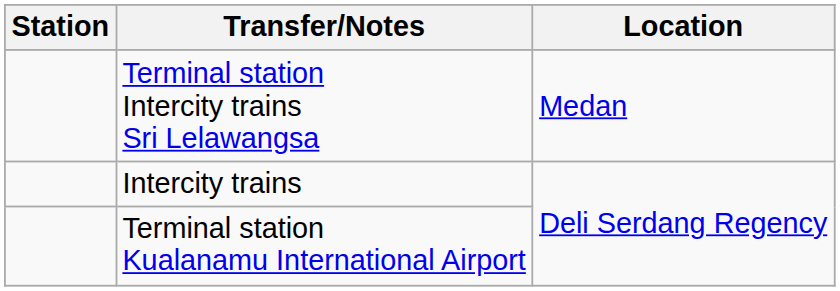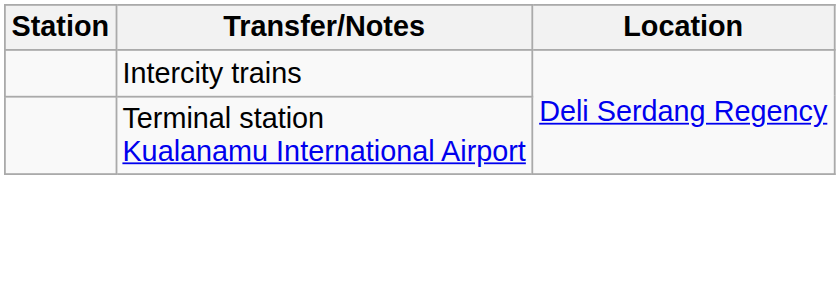 <table class="wikitable">
 <tr>
 <th>Station</th>
 <th>Transfer/Notes</th>
 <th>Location</th>
-</tr>
-<tr>
-<td></td>
-<td><a href='#'>Terminal station</a><br> Intercity trains<br> <a href='#'>Sri Lelawangsa</a></td>
-<td><a href='#'>Medan</a></td>
 </tr>
 <tr>
 <td></td>
 <td> Intercity trains</td>
 <td rowspan="2"><a href='#'>Deli Serdang Regency</a></td>
 </tr>
 <tr>
 <td></td>
 <td>Terminal station<br> <a href='#'>Kualanamu International Airport</a></td>
 </tr>
 </table>
